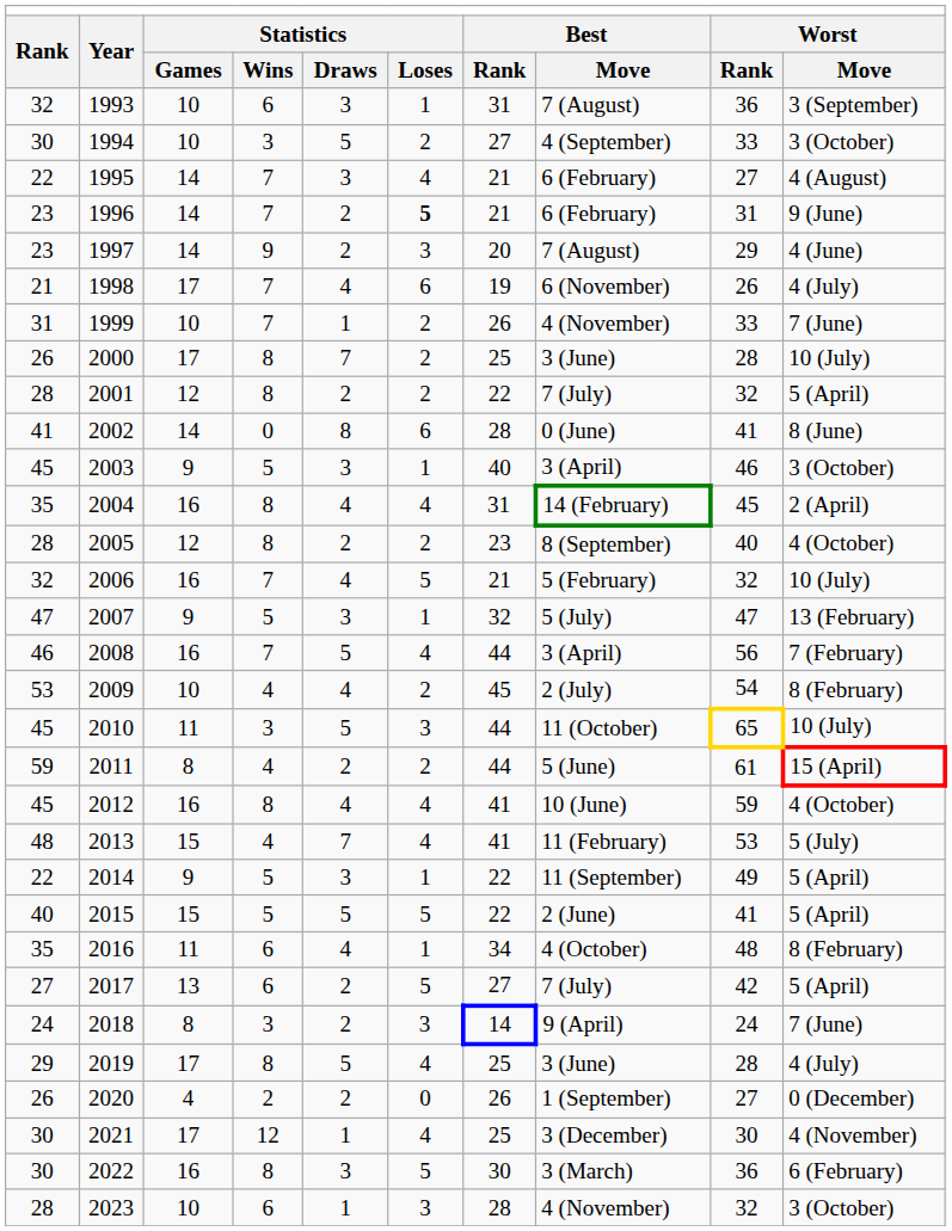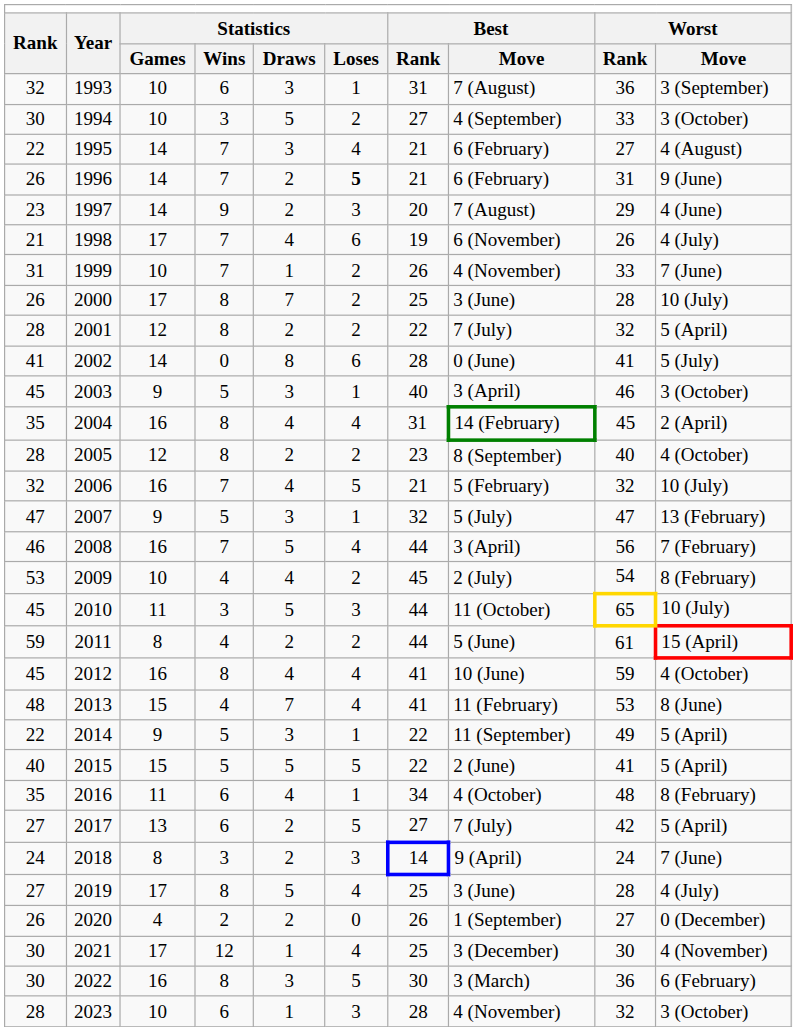 <table class="wikitable " style="text-align: center; width:75%">
 <tr>
 <th colspan="10" style="background:#FFFFFF; color:#E70013; "><a href='#'></a></th>
 </tr>
 <tr>
 <th rowspan="2">Rank</th>
 <th rowspan="2">Year</th>
 <th colspan="4">Statistics</th>
 <th colspan="2">Best</th>
 <th colspan="2">Worst</th>
 </tr>
 <tr>
 <th>Games</th>
 <th>Wins</th>
 <th>Draws</th>
 <th>Loses</th>
 <th>Rank</th>
 <th>Move</th>
 <th>Rank</th>
 <th>Move</th>
 </tr>
 <tr>
 <td>32</td>
 <td>1993</td>
 <td>10</td>
 <td>6</td>
 <td>3</td>
 <td>1</td>
 <td>31</td>
 <td align="Left"> 7 (August)</td>
 <td>36</td>
 <td align="Left"> 3 (September)</td>
 </tr>
 <tr>
 <td>30</td>
 <td>1994</td>
 <td>10</td>
 <td>3</td>
 <td>5</td>
 <td>2</td>
 <td>27</td>
 <td align="Left"> 4 (September)</td>
 <td>33</td>
 <td align="Left"> 3 (October)</td>
 </tr>
 <tr>
 <td>22</td>
 <td>1995</td>
 <td>14</td>
 <td>7</td>
 <td>3</td>
 <td>4</td>
 <td>21</td>
 <td align="Left"> 6 (February)</td>
 <td>27</td>
 <td align="Left"> 4 (August)</td>
 </tr>
 <tr>
-<td>23</td>
+<td>26</td>
 <td>1996</td>
 <td>14</td>
 <td>7</td>
 <td>2</td>
 <td><strong>5</strong></td>
 <td>21</td>
 <td align="Left"> 6 (February)</td>
 <td>31</td>
 <td align="Left"> 9 (June)</td>
 </tr>
 <tr>
 <td>23</td>
 <td>1997</td>
 <td>14</td>
 <td>9</td>
 <td>2</td>
 <td>3</td>
 <td>20</td>
 <td align="Left"> 7 (August)</td>
 <td>29</td>
 <td align="Left"> 4 (June)</td>
 </tr>
 <tr>
 <td>21</td>
 <td>1998</td>
 <td>17</td>
 <td>7</td>
 <td>4</td>
 <td>6</td>
 <td>19</td>
 <td align="Left"> 6 (November)</td>
 <td>26</td>
 <td align="Left"> 4 (July)</td>
 </tr>
 <tr>
 <td>31</td>
 <td>1999</td>
 <td>10</td>
 <td>7</td>
 <td>1</td>
 <td>2</td>
 <td>26</td>
 <td align="Left"> 4 (November)</td>
 <td>33</td>
 <td align="Left"> 7 (June)</td>
 </tr>
 <tr>
 <td>26</td>
 <td>2000</td>
 <td>17</td>
 <td>8</td>
 <td>7</td>
 <td>2</td>
 <td>25</td>
 <td align="Left"> 3 (June)</td>
 <td>28</td>
 <td align="Left"> 10 (July)</td>
 </tr>
 <tr>
 <td>28</td>
 <td>2001</td>
 <td>12</td>
 <td>8</td>
 <td>2</td>
 <td>2</td>
 <td>22</td>
 <td align="Left"> 7 (July)</td>
 <td>32</td>
 <td align="Left"> 5 (April)</td>
 </tr>
 <tr>
 <td>41</td>
 <td>2002</td>
 <td>14</td>
 <td>0</td>
 <td>8</td>
 <td>6</td>
 <td>28</td>
 <td align="Left"> 0 (June)</td>
 <td>41</td>
-<td align="Left"> 8 (June)</td>
+<td align="Left"> 5 (July)</td>
 </tr>
 <tr>
 <td>45</td>
 <td>2003</td>
 <td>9</td>
 <td>5</td>
 <td>3</td>
 <td>1</td>
 <td>40</td>
 <td align="Left"> 3 (April)</td>
 <td>46</td>
 <td align="Left"> 3 (October)</td>
 </tr>
 <tr>
 <td>35</td>
 <td>2004</td>
 <td>16</td>
 <td>8</td>
 <td>4</td>
 <td>4</td>
 <td>31</td>
 <td align="Left" style="border: 3px solid green;"> 14 (February)</td>
 <td>45</td>
 <td align="Left"> 2 (April)</td>
 </tr>
 <tr>
 <td>28</td>
 <td>2005</td>
 <td>12</td>
 <td>8</td>
 <td>2</td>
 <td>2</td>
 <td>23</td>
 <td align="Left"> 8 (September)</td>
 <td>40</td>
 <td align="Left"> 4 (October)</td>
 </tr>
 <tr>
 <td>32</td>
 <td>2006</td>
 <td>16</td>
 <td>7</td>
 <td>4</td>
 <td>5</td>
 <td>21</td>
 <td align="Left"> 5 (February)</td>
 <td>32</td>
 <td align="Left"> 10 (July)</td>
 </tr>
 <tr>
 <td>47</td>
 <td>2007</td>
 <td>9</td>
 <td>5</td>
 <td>3</td>
 <td>1</td>
 <td>32</td>
 <td align="Left"> 5 (July)</td>
 <td>47</td>
 <td align="Left"> 13 (February)</td>
 </tr>
 <tr>
 <td>46</td>
 <td>2008</td>
 <td>16</td>
 <td>7</td>
 <td>5</td>
 <td>4</td>
 <td>44</td>
 <td align="Left"> 3 (April)</td>
 <td>56</td>
 <td align="Left"> 7 (February)</td>
 </tr>
 <tr>
 <td>53</td>
 <td>2009</td>
 <td>10</td>
 <td>4</td>
 <td>4</td>
 <td>2</td>
 <td>45</td>
 <td align="Left"> 2 (July)</td>
 <td>54</td>
 <td align="Left"> 8 (February)</td>
 </tr>
 <tr>
 <td>45</td>
 <td>2010</td>
 <td>11</td>
 <td>3</td>
 <td>5</td>
 <td>3</td>
 <td>44</td>
 <td align="Left"> 11 (October)</td>
 <td style="border: 3px solid gold;">65</td>
 <td align="Left"> 10 (July)</td>
 </tr>
 <tr>
 <td>59</td>
 <td>2011</td>
 <td>8</td>
 <td>4</td>
 <td>2</td>
 <td>2</td>
 <td>44</td>
 <td align="Left"> 5 (June)</td>
 <td>61</td>
 <td align="Left"  style="border: 3px solid red;"> 15 (April)</td>
 </tr>
 <tr>
 <td>45</td>
 <td>2012</td>
 <td>16</td>
 <td>8</td>
 <td>4</td>
 <td>4</td>
 <td>41</td>
 <td align="Left"> 10 (June)</td>
 <td>59</td>
 <td align="Left"> 4 (October)</td>
 </tr>
 <tr>
 <td>48</td>
 <td>2013</td>
 <td>15</td>
 <td>4</td>
 <td>7</td>
 <td>4</td>
 <td>41</td>
 <td align="Left"> 11 (February)</td>
 <td>53</td>
-<td align="Left"> 5 (July)</td>
+<td align="Left"> 8 (June)</td>
 </tr>
 <tr>
 <td>22</td>
 <td>2014</td>
 <td>9</td>
 <td>5</td>
 <td>3</td>
 <td>1</td>
 <td>22</td>
 <td align="Left"> 11 (September)</td>
 <td>49</td>
 <td align="Left"> 5 (April)</td>
 </tr>
 <tr>
 <td>40</td>
 <td>2015</td>
 <td>15</td>
 <td>5</td>
 <td>5</td>
 <td>5</td>
 <td>22</td>
 <td align="Left"> 2 (June)</td>
 <td>41</td>
 <td align="Left"> 5 (April)</td>
 </tr>
 <tr>
 <td>35</td>
 <td>2016</td>
 <td>11</td>
 <td>6</td>
 <td>4</td>
 <td>1</td>
 <td>34</td>
 <td align="Left"> 4 (October)</td>
 <td>48</td>
 <td align="Left"> 8 (February)</td>
 </tr>
 <tr>
 <td>27</td>
 <td>2017</td>
 <td>13</td>
 <td>6</td>
 <td>2</td>
 <td>5</td>
 <td>27</td>
 <td align="Left"> 7 (July)</td>
 <td>42</td>
 <td align="Left"> 5 (April)</td>
 </tr>
 <tr>
 <td>24</td>
 <td>2018</td>
 <td>8</td>
 <td>3</td>
 <td>2</td>
 <td>3</td>
 <td style="border: 3px solid blue;">14</td>
 <td align="Left"> 9 (April)</td>
 <td>24</td>
 <td align="Left"> 7 (June)</td>
 </tr>
 <tr>
-<td>29</td>
+<td>27</td>
 <td>2019</td>
 <td>17</td>
 <td>8</td>
 <td>5</td>
 <td>4</td>
 <td>25</td>
 <td align="Left"> 3 (June)</td>
 <td>28</td>
 <td align="Left"> 4 (July)</td>
 </tr>
 <tr>
 <td>26</td>
 <td>2020</td>
 <td>4</td>
 <td>2</td>
 <td>2</td>
 <td>0</td>
 <td>26</td>
 <td align="Left"> 1 (September)</td>
 <td>27</td>
 <td align="Left"> 0 (December)</td>
 </tr>
 <tr>
 <td>30</td>
 <td>2021</td>
 <td>17</td>
 <td>12</td>
 <td>1</td>
 <td>4</td>
 <td>25</td>
 <td align="Left"> 3 (December)</td>
 <td>30</td>
 <td align="Left"> 4 (November)</td>
 </tr>
 <tr>
 <td>30</td>
 <td>2022</td>
 <td>16</td>
 <td>8</td>
 <td>3</td>
 <td>5</td>
 <td>30</td>
 <td align="Left"> 3 (March)</td>
 <td>36</td>
 <td align="Left"> 6 (February)</td>
 </tr>
 <tr>
 <td>28</td>
 <td>2023</td>
 <td>10</td>
 <td>6</td>
 <td>1</td>
 <td>3</td>
 <td>28</td>
 <td align="Left"> 4 (November)</td>
 <td>32</td>
 <td align="Left"> 3 (October)</td>
 </tr>
 </table>
